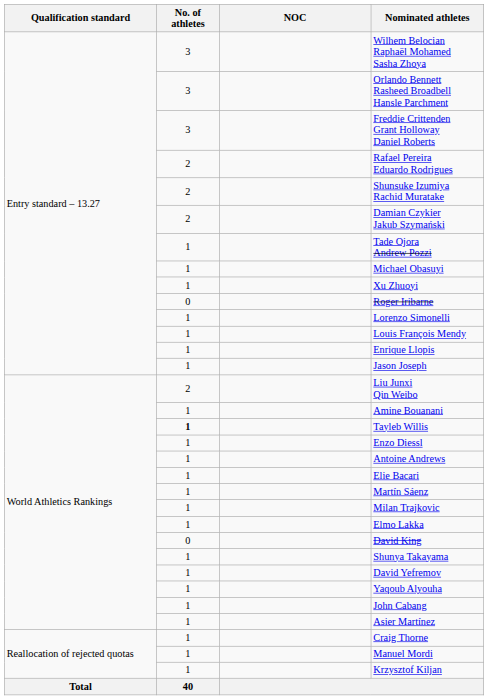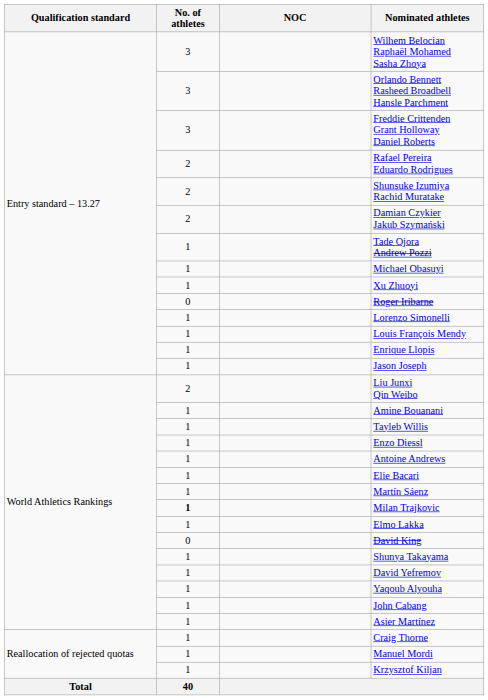 <table class="wikitable sortable" style="text-align:left; width:750px;">
 <tr>
 <th>Qualification standard</th>
 <th width=90>No. of athletes</th>
 <th width=230>NOC</th>
 <th>Nominated athletes</th>
 </tr>
 <tr>
 <td rowspan="14">Entry standard – 13.27</td>
 <td align=center>3</td>
 <td></td>
 <td><a href='#'>Wilhem Belocian</a><br><a href='#'>Raphaël Mohamed</a><br><a href='#'>Sasha Zhoya</a></td>
 </tr>
 <tr>
 <td align=center>3</td>
 <td></td>
 <td><a href='#'>Orlando Bennett</a><br><a href='#'>Rasheed Broadbell</a><br><a href='#'>Hansle Parchment</a></td>
 </tr>
 <tr>
 <td align=center>3</td>
 <td></td>
 <td><a href='#'>Freddie Crittenden</a><br><a href='#'>Grant Holloway</a><br><a href='#'>Daniel Roberts</a></td>
 </tr>
 <tr>
 <td align=center>2</td>
 <td></td>
 <td><a href='#'>Rafael Pereira</a><br><a href='#'>Eduardo Rodrigues</a></td>
 </tr>
 <tr>
 <td align=center>2</td>
 <td></td>
 <td><a href='#'>Shunsuke Izumiya</a><br><a href='#'>Rachid Muratake</a></td>
 </tr>
 <tr>
 <td align=center>2</td>
 <td></td>
 <td><a href='#'>Damian Czykier</a><br><a href='#'>Jakub Szymański</a></td>
 </tr>
 <tr>
 <td align=center>1</td>
 <td></td>
 <td><a href='#'>Tade Ojora</a><br><s><a href='#'>Andrew Pozzi</a></s></td>
 </tr>
 <tr>
 <td align=center>1</td>
 <td></td>
 <td><a href='#'>Michael Obasuyi</a></td>
 </tr>
 <tr>
 <td align=center>1</td>
 <td></td>
 <td><a href='#'>Xu Zhuoyi</a></td>
 </tr>
 <tr>
 <td align=center>0</td>
 <td><s></s></td>
 <td><s><a href='#'>Roger Iribarne</a></s></td>
 </tr>
 <tr>
 <td align=center>1</td>
 <td></td>
 <td><a href='#'>Lorenzo Simonelli</a></td>
 </tr>
 <tr>
 <td align=center>1</td>
 <td></td>
 <td><a href='#'>Louis François Mendy</a></td>
 </tr>
 <tr>
 <td align=center>1</td>
 <td></td>
 <td><a href='#'>Enrique Llopis</a></td>
 </tr>
 <tr>
 <td align=center>1</td>
 <td></td>
 <td><a href='#'>Jason Joseph</a></td>
 </tr>
 <tr>
 <td rowspan =15>World Athletics Rankings</td>
 <td align=center>2</td>
 <td></td>
 <td><a href='#'>Liu Junxi</a><br><a href='#'>Qin Weibo</a></td>
 </tr>
 <tr>
 <td align=center>1</td>
 <td></td>
 <td><a href='#'>Amine Bouanani</a></td>
 </tr>
 <tr>
-<td align=center><strong>1</strong></td>
+<td align=center>1</td>
 <td></td>
 <td><a href='#'>Tayleb Willis</a></td>
 </tr>
 <tr>
 <td align=center>1</td>
 <td></td>
 <td><a href='#'>Enzo Diessl</a></td>
 </tr>
 <tr>
 <td align=center>1</td>
 <td></td>
 <td><a href='#'>Antoine Andrews</a></td>
 </tr>
 <tr>
 <td align=center>1</td>
 <td></td>
 <td><a href='#'>Elie Bacari</a></td>
 </tr>
 <tr>
 <td align=center>1</td>
 <td></td>
 <td><a href='#'>Martín Sáenz</a></td>
 </tr>
 <tr>
-<td align=center>1</td>
+<td align=center><strong>1</strong></td>
 <td></td>
 <td><a href='#'>Milan Trajkovic</a></td>
 </tr>
 <tr>
 <td align=center>1</td>
 <td></td>
 <td><a href='#'>Elmo Lakka</a></td>
 </tr>
 <tr>
 <td align=center>0</td>
 <td><s></s></td>
 <td><a href='#'><s>David King</s></a></td>
 </tr>
 <tr>
 <td align=center>1</td>
 <td></td>
 <td><a href='#'>Shunya Takayama</a></td>
 </tr>
 <tr>
 <td align=center>1</td>
 <td></td>
 <td><a href='#'>David Yefremov</a></td>
 </tr>
 <tr>
 <td align=center>1</td>
 <td></td>
 <td><a href='#'>Yaqoub Alyouha</a></td>
 </tr>
 <tr>
 <td align=center>1</td>
 <td></td>
 <td><a href='#'>John Cabang</a></td>
 </tr>
 <tr>
 <td align=center>1</td>
 <td></td>
 <td><a href='#'>Asier Martínez</a></td>
 </tr>
 <tr>
 <td rowspan =3>Reallocation of rejected quotas</td>
 <td align=center>1</td>
 <td></td>
 <td><a href='#'>Craig Thorne</a></td>
 </tr>
 <tr>
 <td align=center>1</td>
 <td></td>
 <td><a href='#'>Manuel Mordi</a></td>
 </tr>
 <tr>
 <td align=center>1</td>
 <td></td>
 <td><a href='#'>Krzysztof Kiljan</a></td>
 </tr>
 <tr>
 <th>Total</th>
 <th>40</th>
 <th colspan=2></th>
 </tr>
 </table>
